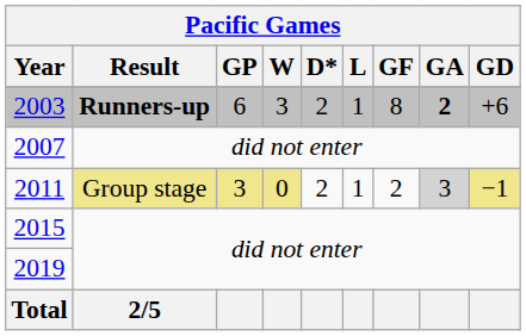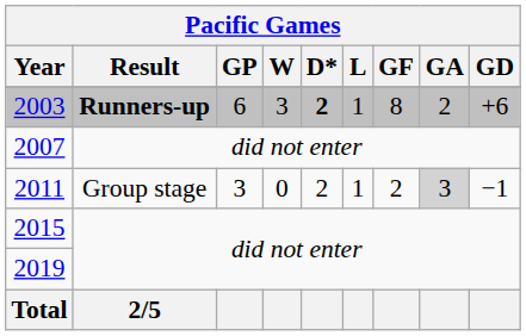 <table class="wikitable" style="text-align: center;">
 <tr>
 <th colspan=9><a href='#'>Pacific Games</a></th>
 </tr>
 <tr>
 <th>Year</th>
 <th>Result</th>
 <th>GP</th>
 <th>W</th>
 <th>D*</th>
 <th>L</th>
 <th>GF</th>
 <th>GA</th>
 <th>GD</th>
 </tr>
 <tr>
 </tr>
 <tr style="background:silver">
 <td> <a href='#'>2003</a></td>
 <td><strong>Runners-up</strong></td>
 <td>6</td>
 <td>3</td>
-<td>2</td>
+<td><strong>2</strong></td>
 <td>1</td>
 <td>8</td>
-<td><strong>2</strong></td>
+<td>2</td>
 <td>+6</td>
 </tr>
 <tr>
 <td> <a href='#'>2007</a></td>
 <td colspan=8><em>did not enter</em></td>
 </tr>
 <tr>
 <td> <a href='#'>2011</a></td>
-<td style="background: khaki;">Group stage</td>
-<td style="background: khaki;">3</td>
-<td style="background: khaki;">0</td>
+<td>Group stage</td>
+<td>3</td>
+<td>0</td>
 <td>2</td>
 <td>1</td>
 <td>2</td>
 <td style="background: lightgrey;">3</td>
-<td style="background: khaki;">−1</td>
+<td>−1</td>
 </tr>
 <tr>
 <td> <a href='#'>2015</a></td>
 <td colspan=8 rowspan=2><em>did not enter</em></td>
 </tr>
 <tr>
 <td> <a href='#'>2019</a></td>
 </tr>
 <tr>
 <th>Total</th>
 <th>2/5</th>
 <th></th>
 <th></th>
 <th></th>
 <th></th>
 <th></th>
 <th></th>
 <th></th>
 </tr>
 </table>
